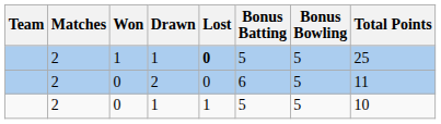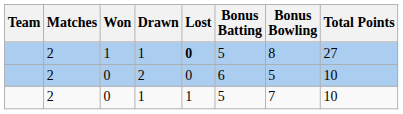 <table class="wikitable">
 <tr>
 <th>Team</th>
 <th>Matches</th>
 <th>Won</th>
 <th>Drawn</th>
 <th>Lost</th>
 <th>Bonus<br>Batting</th>
 <th>Bonus<br>Bowling</th>
 <th>Total Points</th>
 </tr>
 <tr bgcolor="#ABCDEF">
 <td style="text-align:center;"></td>
 <td>2</td>
 <td>1</td>
 <td>1</td>
 <td><strong>0</strong></td>
 <td>5</td>
-<td>5</td>
-<td>25</td>
+<td>8</td>
+<td>27</td>
 </tr>
 <tr bgcolor="#ABCDEF">
 <td style="text-align:center;"></td>
 <td>2</td>
 <td>0</td>
 <td>2</td>
 <td>0</td>
 <td>6</td>
 <td>5</td>
-<td>11</td>
+<td>10</td>
 </tr>
 <tr>
 <td style="text-align:center;"></td>
 <td>2</td>
 <td>0</td>
 <td>1</td>
 <td>1</td>
 <td>5</td>
-<td>5</td>
+<td>7</td>
 <td>10</td>
 </tr>
 </table>
